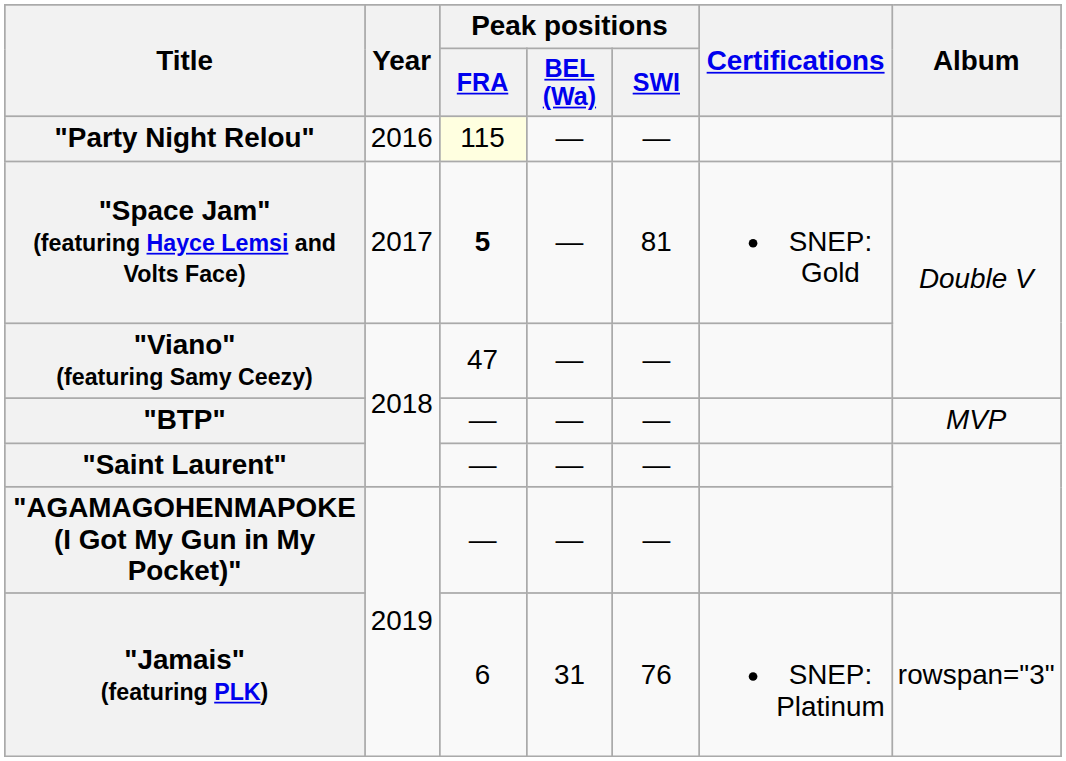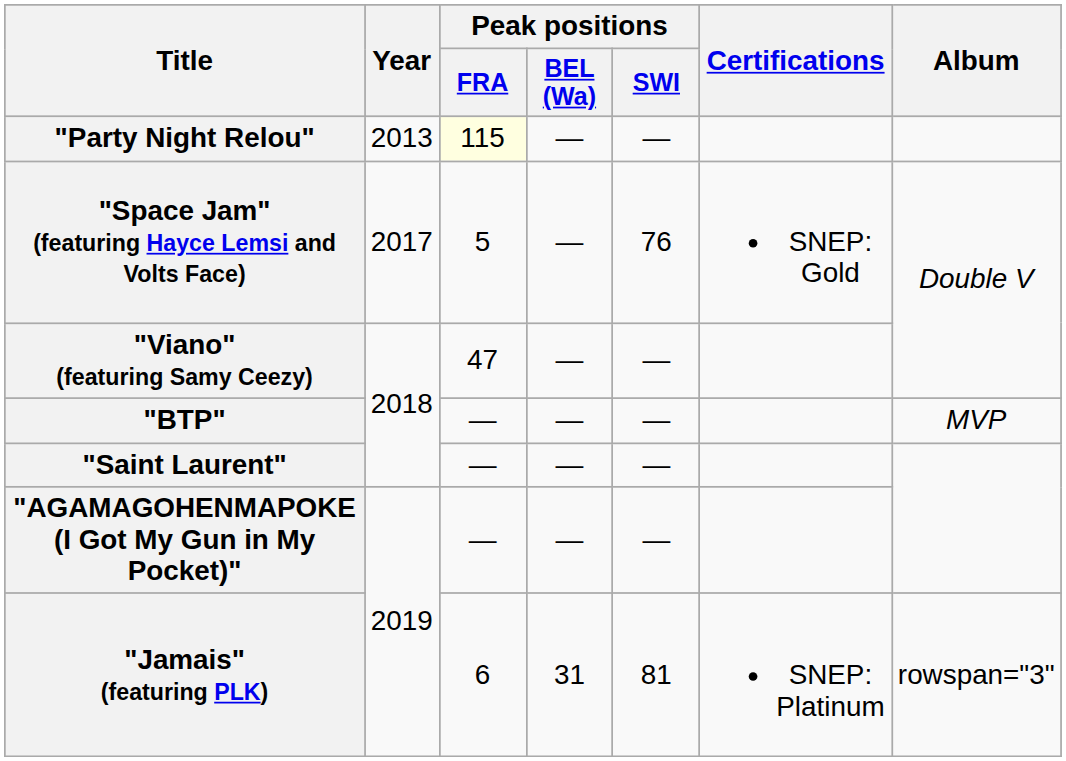 <table class="wikitable plainrowheaders" style="text-align:center">
 <tr>
 <th scope="col" rowspan="2">Title</th>
 <th scope="col" rowspan="2">Year</th>
 <th scope="col" colspan="3">Peak positions</th>
 <th scope="col" rowspan="2"><a href='#'>Certifications</a></th>
 <th scope="col" rowspan="2">Album</th>
 </tr>
 <tr>
 <th scope="col" style="width:3em;font-size:90%;"><a href='#'>FRA</a><br></th>
 <th scope="col" style="width:3em;font-size:90%;"><a href='#'>BEL <br>(Wa)</a><br></th>
 <th scope="col" style="width:3em;font-size:90%;"><a href='#'>SWI</a><br></th>
 </tr>
 <tr>
 <th scope="row">"Party Night Relou"</th>
-<td>2016</td>
+<td>2013</td>
 <td style="background: lightyellow;">115</td>
 <td>—</td>
 <td>—</td>
 <td></td>
 <td></td>
 </tr>
 <tr>
 <th scope="row">"Space Jam"<br><small>(featuring <a href='#'>Hayce Lemsi</a> and Volts Face)</small></th>
 <td>2017</td>
-<td><strong>5</strong></td>
+<td>5</td>
 <td>—</td>
-<td>81</td>
+<td>76</td>
 <td><br><ul><li>SNEP: Gold</li></ul></td>
 <td rowspan=2><em>Double V</em></td>
 </tr>
 <tr>
 <th scope="row">"Viano"<br><small>(featuring Samy Ceezy)</small></th>
 <td rowspan="3">2018</td>
 <td>47</td>
 <td>—</td>
 <td>—</td>
 <td></td>
 </tr>
 <tr>
 <th scope="row">"BTP"</th>
 <td>—</td>
 <td>—</td>
 <td>—</td>
 <td></td>
 <td><em>MVP</em></td>
 </tr>
 <tr>
 <th scope="row">"Saint Laurent"<br></th>
 <td>—</td>
 <td>—</td>
 <td>—</td>
 <td></td>
 </tr>
 <tr>
 <th scope="row">"AGAMAGOHENMAPOKE (I Got My Gun in My Pocket)"</th>
 <td rowspan="2">2019</td>
 <td>—</td>
 <td>—</td>
 <td>—</td>
 <td></td>
 </tr>
 <tr>
 <th scope="row">"Jamais"<br><small>(featuring <a href='#'>PLK</a>)</small></th>
 <td>6</td>
 <td>31</td>
-<td>76</td>
+<td>81</td>
 <td><br><ul><li>SNEP: Platinum</li></ul></td>
 <td>rowspan="3"</td>
 </tr>
 <tr>
 </tr>
 </table>
